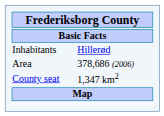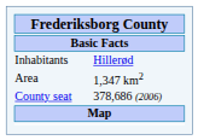 <table colspan="4" width=250 style="border: 1px solid #6688AA; background-color:#f0f6fa; margin:0.5em; padding:0.5em; float:right" valign="top" |>
 <tr>
 <td style="border: 1px solid #1188AA; background-color:#c0ccfa" align="center" colspan="2"><big><strong>Frederiksborg County</strong></big><br></td>
 </tr>
 <tr>
 <td style="border: 1px solid #1188AA; background-color:#c0ccfa" align="center" colspan="2"><strong>Basic Facts</strong></td>
 </tr>
 <tr>
 <td>Inhabitants</td>
 <td><a href='#'>Hillerød</a></td>
 </tr>
 <tr>
 <td>Area</td>
-<td>378,686 <small><em>(2006)</em></small></td>
+<td>1,347 km<sup>2</sup></td>
 </tr>
 <tr>
 <td><a href='#'>County seat</a></td>
-<td>1,347 km<sup>2</sup></td>
+<td>378,686 <small><em>(2006)</em></small></td>
 </tr>
 <tr>
 <td style="border: 1px solid #1188AA; background-color:#c0ccfa" align="center" colspan="2"><strong>Map</strong></td>
 </tr>
 <tr>
 <td bgcolor=#FFFFFF align="center" colspan="2"></td>
 </tr>
 <tr>
 </tr>
 </table>
